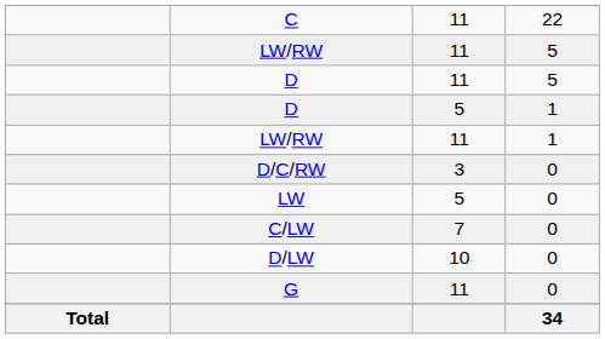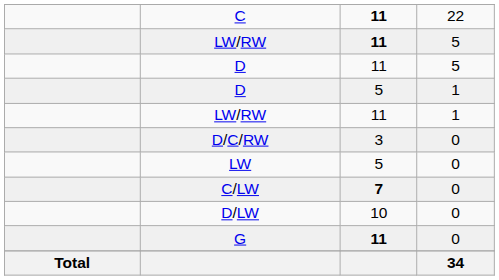 <table class="wikitable sortable" width ="40%">
 <tr align="center">
 </tr>
 <tr align="center" bgcolor="">
 <td></td>
 <td><a href='#'>C</a></td>
-<td>11</td>
+<td><strong>11</strong></td>
 <td>22</td>
 </tr>
 <tr align="center" bgcolor="f0f0f0">
 <td></td>
 <td><a href='#'>LW</a>/<a href='#'>RW</a></td>
-<td>11</td>
+<td><strong>11</strong></td>
 <td>5</td>
 </tr>
 <tr align="center" bgcolor="">
 <td></td>
 <td><a href='#'>D</a></td>
 <td>11</td>
 <td>5</td>
 </tr>
 <tr align="center" bgcolor="f0f0f0">
 <td></td>
 <td><a href='#'>D</a></td>
 <td>5</td>
 <td>1</td>
 </tr>
 <tr align="center" bgcolor="">
 <td></td>
 <td><a href='#'>LW</a>/<a href='#'>RW</a></td>
 <td>11</td>
 <td>1</td>
 </tr>
 <tr align="center" bgcolor="f0f0f0">
 <td></td>
 <td><a href='#'>D</a>/<a href='#'>C</a>/<a href='#'>RW</a></td>
 <td>3</td>
 <td>0</td>
 </tr>
 <tr align="center" bgcolor="">
 <td></td>
 <td><a href='#'>LW</a></td>
 <td>5</td>
 <td>0</td>
 </tr>
 <tr align="center" bgcolor="f0f0f0">
 <td></td>
 <td><a href='#'>C</a>/<a href='#'>LW</a></td>
-<td>7</td>
+<td><strong>7</strong></td>
 <td>0</td>
 </tr>
 <tr align="center" bgcolor="">
 <td></td>
 <td><a href='#'>D</a>/<a href='#'>LW</a></td>
 <td>10</td>
 <td>0</td>
 </tr>
 <tr align="center" bgcolor="f0f0f0">
 <td></td>
 <td><a href='#'>G</a></td>
-<td>11</td>
+<td><strong>11</strong></td>
 <td>0</td>
 </tr>
 <tr align="center" bgcolor="">
 </tr>
 <tr>
 <th>Total</th>
 <th></th>
 <th></th>
 <th>34</th>
 </tr>
 </table>
